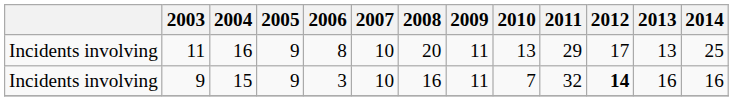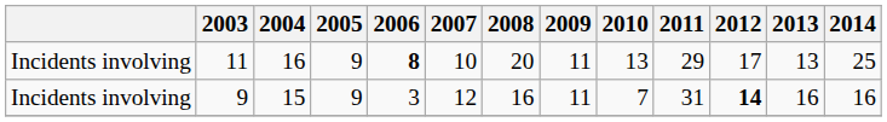 <table class="wikitable" style="text-align: right">
 <tr style="background:#ececec;">
 <th></th>
 <th>2003</th>
 <th>2004</th>
 <th>2005</th>
 <th>2006</th>
 <th>2007</th>
 <th>2008</th>
 <th>2009</th>
 <th>2010</th>
 <th>2011</th>
 <th>2012</th>
 <th>2013</th>
 <th>2014</th>
 </tr>
 <tr>
 <td>Incidents involving </td>
 <td>11</td>
 <td>16</td>
 <td>9</td>
-<td>8</td>
+<td><strong>8</strong></td>
 <td>10</td>
 <td>20</td>
 <td>11</td>
 <td>13</td>
 <td>29</td>
 <td>17</td>
 <td>13</td>
 <td>25</td>
 </tr>
 <tr>
 <td>Incidents involving </td>
 <td>9</td>
 <td>15</td>
 <td>9</td>
 <td>3</td>
-<td>10</td>
+<td>12</td>
 <td>16</td>
 <td>11</td>
 <td>7</td>
-<td>32</td>
+<td>31</td>
 <td><strong>14</strong></td>
 <td>16</td>
 <td>16</td>
 </tr>
 <tr>
 </tr>
 </table>
